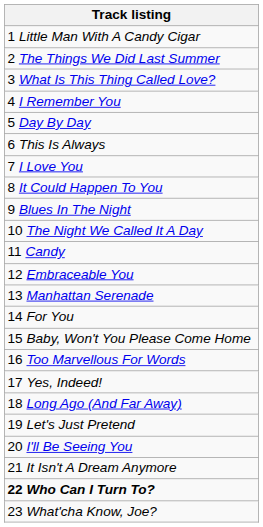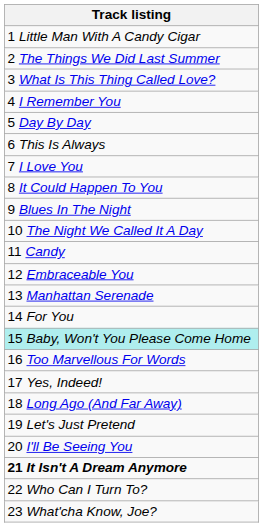 <table class="wikitable collapsible collapsed" style="width:300px;">
 <tr>
 <th>Track listing</th>
 </tr>
 <tr>
 <td>1 <em>Little Man With A Candy Cigar</em></td>
 </tr>
 <tr>
 <td>2 <em><a href='#'>The Things We Did Last Summer</a></em></td>
 </tr>
 <tr>
 <td>3 <em><a href='#'>What Is This Thing Called Love?</a></em></td>
 </tr>
 <tr>
 <td>4 <em><a href='#'>I Remember You</a></em></td>
 </tr>
 <tr>
 <td>5 <em><a href='#'>Day By Day</a></em></td>
 </tr>
 <tr>
 <td>6 <em>This Is Always</em></td>
 </tr>
 <tr>
 <td>7 <em><a href='#'>I Love You</a></em></td>
 </tr>
 <tr>
 <td>8 <em><a href='#'>It Could Happen To You</a></em></td>
 </tr>
 <tr>
 <td>9 <em><a href='#'>Blues In The Night</a></em></td>
 </tr>
 <tr>
 <td>10 <em><a href='#'>The Night We Called It A Day</a></em></td>
 </tr>
 <tr>
 <td>11 <em><a href='#'>Candy</a></em></td>
 </tr>
 <tr>
 <td>12 <em><a href='#'>Embraceable You</a></em></td>
 </tr>
 <tr>
 <td>13 <em><a href='#'>Manhattan Serenade</a></em></td>
 </tr>
 <tr>
 <td>14 <em>For You</em></td>
 </tr>
 <tr>
-<td>15 <em>Baby, Won't You Please Come Home</em></td>
+<td style="background: paleturquoise;">15 <em>Baby, Won't You Please Come Home</em></td>
 </tr>
 <tr>
 <td>16 <em><a href='#'>Too Marvellous For Words</a></em></td>
 </tr>
 <tr>
 <td>17 <em>Yes, Indeed!</em></td>
 </tr>
 <tr>
 <td>18 <em><a href='#'>Long Ago (And Far Away)</a></em></td>
 </tr>
 <tr>
 <td>19 <em>Let's Just Pretend</em></td>
 </tr>
 <tr>
 <td>20 <em><a href='#'>I'll Be Seeing You</a></em></td>
 </tr>
 <tr>
-<td>21 <em>It Isn't A Dream Anymore</em></td>
+<td><strong>21 <em>It Isn't A Dream Anymore</em></strong></td>
 </tr>
 <tr>
-<td><strong>22 <em>Who Can I Turn To?</em></strong></td>
+<td>22 <em>Who Can I Turn To?</em></td>
 </tr>
 <tr>
 <td>23 <em>What'cha Know, Joe?</em></td>
 </tr>
 </table>
